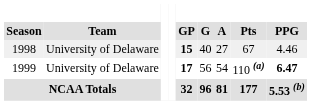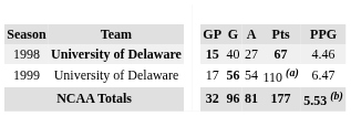 <table BORDER="0" CELLPADDING="3" CELLSPACING="0" ID="Table3">
 <tr ALIGN="center" bgcolor="#e0e0e0">
 <th ALIGN="center" colspan="2" bgcolor="#ffffff"> </th>
 <th ALIGN="center" rowspan="99" bgcolor="#ffffff"> </th>
 <th ALIGN="center" rowspan="99" bgcolor="#ffffff"> </th>
 </tr>
 <tr ALIGN="center" bgcolor="#e0e0e0">
 <th ALIGN="center">Season</th>
 <th ALIGN="center">Team</th>
 <th ALIGN="center">GP</th>
 <th ALIGN="center">G</th>
 <th ALIGN="center">A</th>
 <th ALIGN="center">Pts</th>
 <th ALIGN="center">PPG</th>
 </tr>
 <tr ALIGN="center" bgcolor="#f0f0f0">
 <td ALIGN="center">1998</td>
-<td ALIGN="center">University of Delaware</td>
+<td ALIGN="center"><strong>University of Delaware</strong></td>
 <td ALIGN="center"><strong>15</strong></td>
 <td ALIGN="center">40</td>
 <td ALIGN="center">27</td>
-<td ALIGN="center">67</td>
+<td ALIGN="center"><strong>67</strong></td>
 <td ALIGN="center">4.46</td>
 </tr>
 <tr ALIGN="center">
 <td ALIGN="center">1999</td>
 <td ALIGN="center">University of Delaware</td>
-<td ALIGN="center"><strong>17</strong></td>
-<td ALIGN="center">56</td>
+<td ALIGN="center">17</td>
+<td ALIGN="center"><strong>56</strong></td>
 <td ALIGN="center">54</td>
 <td ALIGN="center">110 <sup><strong><em>(a)</em></strong></sup></td>
-<td ALIGN="center"><strong>6.47</strong></td>
+<td ALIGN="center">6.47</td>
 </tr>
 <tr ALIGN="center" bgcolor="#e0e0e0">
 <th colspan="2">NCAA Totals</th>
 <th ALIGN="center">32</th>
 <th ALIGN="center">96</th>
 <th ALIGN="center">81</th>
 <th ALIGN="center">177</th>
 <th ALIGN="center">5.53 <sup><strong><em>(b)</em></strong></sup></th>
 </tr>
 </table>
